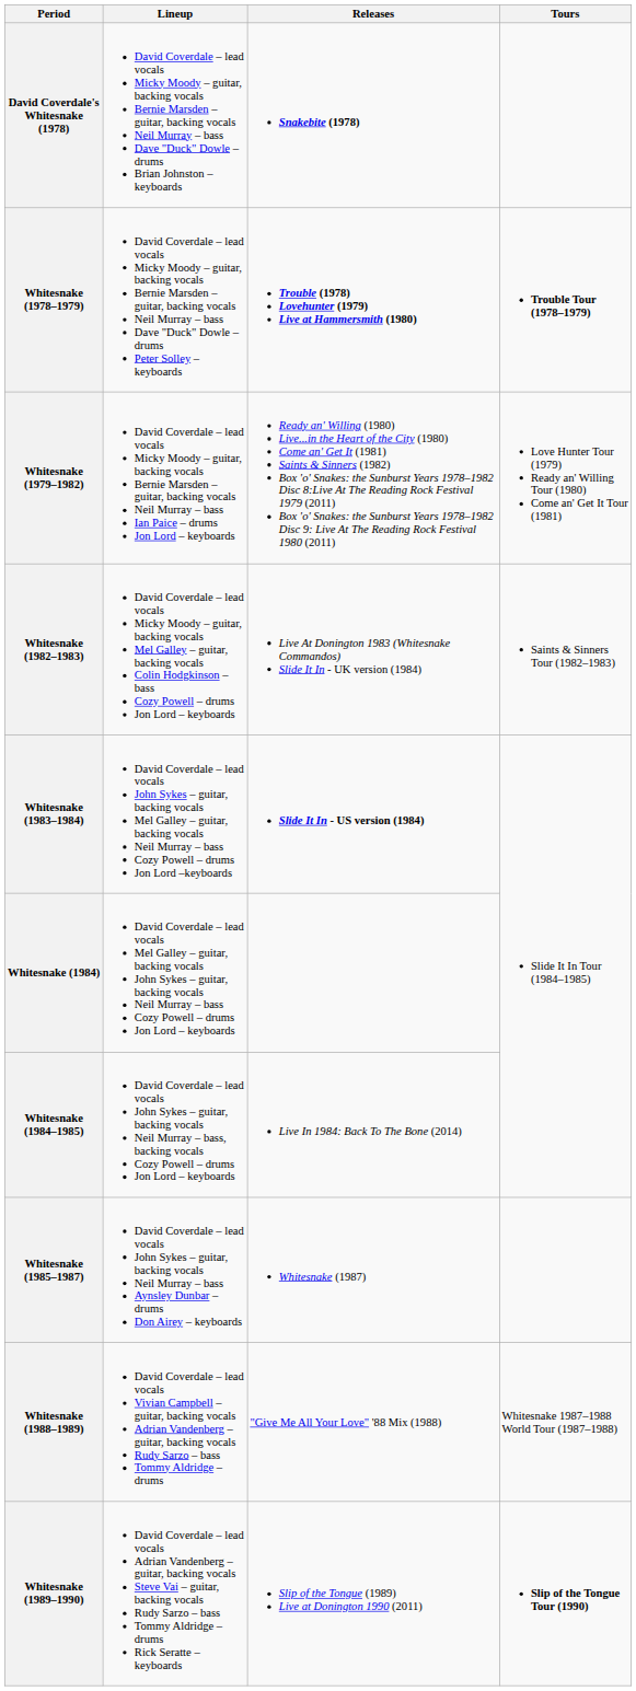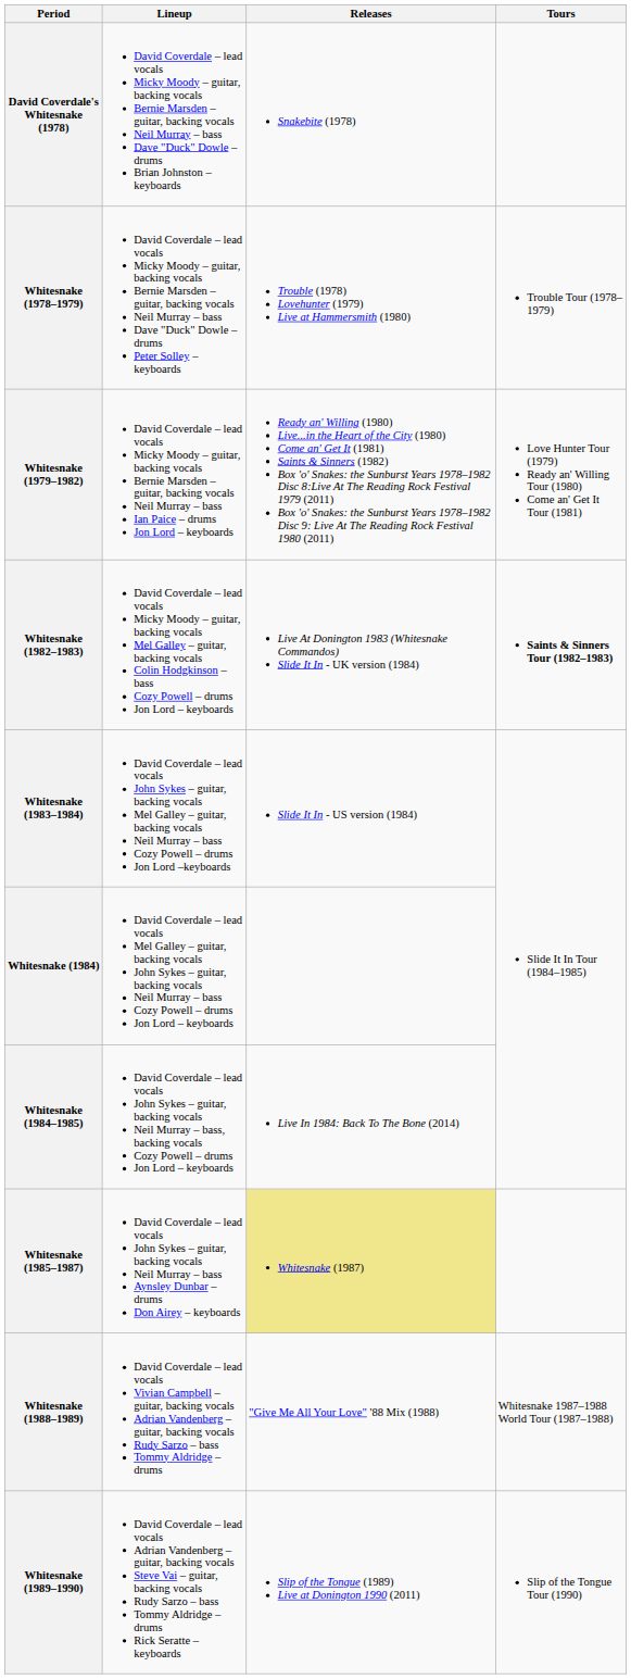 <table class="wikitable">
 <tr>
 <th>Period</th>
 <th>Lineup</th>
 <th>Releases</th>
 <th>Tours</th>
 </tr>
 <tr>
 <th bgcolor="#E7EBEE">David Coverdale's Whitesnake<br>(1978)</th>
 <td><br><ul><li><a href='#'>David Coverdale</a> – lead vocals</li><li><a href='#'>Micky Moody</a> – guitar, backing vocals</li><li><a href='#'>Bernie Marsden</a> – guitar, backing vocals</li><li><a href='#'>Neil Murray</a> – bass</li><li><a href='#'>Dave "Duck" Dowle</a> – drums</li><li>Brian Johnston – keyboards </li></ul></td>
-<td><strong><br><ul><li><em><a href='#'>Snakebite</a></em> (1978)</li></ul></strong></td>
+<td><br><ul><li><em><a href='#'>Snakebite</a></em> (1978)</li></ul></td>
 <td></td>
 </tr>
 <tr>
 <th bgcolor="#E7EBEE">Whitesnake (1978–1979)</th>
 <td><br><ul><li>David Coverdale – lead vocals</li><li>Micky Moody – guitar, backing vocals</li><li>Bernie Marsden – guitar, backing vocals</li><li>Neil Murray – bass</li><li>Dave "Duck" Dowle – drums</li><li><a href='#'>Peter Solley</a> – keyboards </li></ul></td>
-<td><strong><br><ul><li><em><a href='#'>Trouble</a></em> (1978)</li><li><em><a href='#'>Lovehunter</a></em> (1979)</li><li><em><a href='#'>Live at Hammersmith</a></em> (1980)</li></ul></strong></td>
-<td><strong><br><ul><li>Trouble Tour (1978–1979)</li></ul></strong></td>
+<td><br><ul><li><em><a href='#'>Trouble</a></em> (1978)</li><li><em><a href='#'>Lovehunter</a></em> (1979)</li><li><em><a href='#'>Live at Hammersmith</a></em> (1980)</li></ul></td>
+<td><br><ul><li>Trouble Tour (1978–1979)</li></ul></td>
 </tr>
 <tr>
 <th bgcolor="#E7EBEE">Whitesnake (1979–1982)</th>
 <td><br><ul><li>David Coverdale – lead vocals</li><li>Micky Moody – guitar, backing vocals</li><li>Bernie Marsden – guitar, backing vocals</li><li>Neil Murray – bass</li><li><a href='#'>Ian Paice</a> – drums</li><li><a href='#'>Jon Lord</a> – keyboards</li></ul></td>
 <td><br><ul><li><em><a href='#'>Ready an' Willing</a></em> (1980)</li><li><em><a href='#'>Live...in the Heart of the City</a></em> (1980)</li><li><em><a href='#'>Come an' Get It</a></em> (1981)</li><li><em><a href='#'>Saints & Sinners</a></em> (1982)</li><li><em>Box 'o' Snakes: the Sunburst Years 1978–1982 Disc 8:Live At The Reading Rock Festival 1979</em> (2011)</li><li><em>Box 'o' Snakes: the Sunburst Years 1978–1982 Disc 9: Live At The Reading Rock Festival 1980</em> (2011)</li></ul></td>
 <td><br><ul><li>Love Hunter Tour (1979)</li><li>Ready an' Willing Tour (1980)</li><li>Come an' Get It Tour (1981)</li></ul></td>
 </tr>
 <tr>
 <th bgcolor="#E7EBEE">Whitesnake (1982–1983)</th>
 <td><br><ul><li>David Coverdale – lead vocals</li><li>Micky Moody – guitar, backing vocals</li><li><a href='#'>Mel Galley</a> – guitar, backing vocals</li><li><a href='#'>Colin Hodgkinson</a> – bass</li><li><a href='#'>Cozy Powell</a> – drums</li><li>Jon Lord – keyboards</li></ul></td>
 <td><br><ul><li><em>Live At Donington 1983 (Whitesnake Commandos)</em></li><li><em><a href='#'>Slide It In</a></em> - UK version (1984)</li></ul></td>
-<td><br><ul><li>Saints & Sinners Tour (1982–1983)</li></ul></td>
+<td><strong><br><ul><li>Saints & Sinners Tour (1982–1983)</li></ul></strong></td>
 </tr>
 <tr>
 <th bgcolor="#E7EBEE">Whitesnake (1983–1984)</th>
 <td><br><ul><li>David Coverdale – lead vocals</li><li><a href='#'>John Sykes</a> – guitar, backing vocals</li><li>Mel Galley – guitar, backing vocals</li><li>Neil Murray – bass</li><li>Cozy Powell – drums</li><li>Jon Lord –keyboards</li></ul></td>
-<td><strong><br><ul><li><em><a href='#'>Slide It In</a></em> - US version (1984)</li></ul></strong></td>
+<td><br><ul><li><em><a href='#'>Slide It In</a></em> - US version (1984)</li></ul></td>
 <td rowspan="3"><br><ul><li>Slide It In Tour (1984–1985)</li></ul></td>
 </tr>
 <tr>
 <th bgcolor="#E7EBEE">Whitesnake (1984)</th>
 <td><br><ul><li>David Coverdale – lead vocals</li><li>Mel Galley – guitar, backing vocals</li><li>John Sykes – guitar, backing vocals</li><li>Neil Murray – bass</li><li>Cozy Powell – drums</li><li>Jon Lord – keyboards</li></ul></td>
 <td></td>
 </tr>
 <tr>
 <th bgcolor="#E7EBEE">Whitesnake (1984–1985)</th>
 <td><br><ul><li>David Coverdale – lead vocals</li><li>John Sykes – guitar, backing vocals</li><li>Neil Murray – bass, backing vocals</li><li>Cozy Powell – drums</li><li>Jon Lord – keyboards</li></ul></td>
 <td><br><ul><li><em>Live In 1984: Back To The Bone</em> (2014)</li></ul></td>
 </tr>
 <tr>
 <th bgcolor="#E7EBEE">Whitesnake (1985–1987)</th>
 <td><br><ul><li>David Coverdale – lead vocals</li><li>John Sykes – guitar, backing vocals</li><li>Neil Murray – bass</li><li><a href='#'>Aynsley Dunbar</a> – drums</li><li><a href='#'>Don Airey</a> – keyboards </li></ul></td>
-<td><br><ul><li><em><a href='#'>Whitesnake</a></em> (1987)</li></ul></td>
+<td style="background: khaki;"><br><ul><li><em><a href='#'>Whitesnake</a></em> (1987)</li></ul></td>
 <td></td>
 </tr>
 <tr>
 <th bgcolor="#E7EBEE">Whitesnake (1988–1989)</th>
 <td><br><ul><li>David Coverdale – lead vocals</li><li><a href='#'>Vivian Campbell</a> – guitar, backing vocals</li><li><a href='#'>Adrian Vandenberg</a> – guitar, backing vocals</li><li><a href='#'>Rudy Sarzo</a> – bass</li><li><a href='#'>Tommy Aldridge</a> – drums</li></ul></td>
 <td><a href='#'>"Give Me All Your Love"</a> '88 Mix (1988)</td>
 <td>Whitesnake 1987–1988 World Tour (1987–1988)</td>
 </tr>
 <tr>
 <th bgcolor="#E7EBEE">Whitesnake (1989–1990)</th>
 <td><br><ul><li>David Coverdale – lead vocals</li><li>Adrian Vandenberg – guitar, backing vocals</li><li><a href='#'>Steve Vai</a> – guitar, backing vocals</li><li>Rudy Sarzo – bass</li><li>Tommy Aldridge – drums</li><li>Rick Seratte – keyboards </li></ul></td>
 <td><br><ul><li><em><a href='#'>Slip of the Tongue</a></em> (1989)</li><li><em><a href='#'>Live at Donington 1990</a></em> (2011)</li></ul></td>
-<td><strong><br><ul><li>Slip of the Tongue Tour (1990)</li></ul></strong></td>
+<td><br><ul><li>Slip of the Tongue Tour (1990)</li></ul></td>
 </tr>
 </table>
